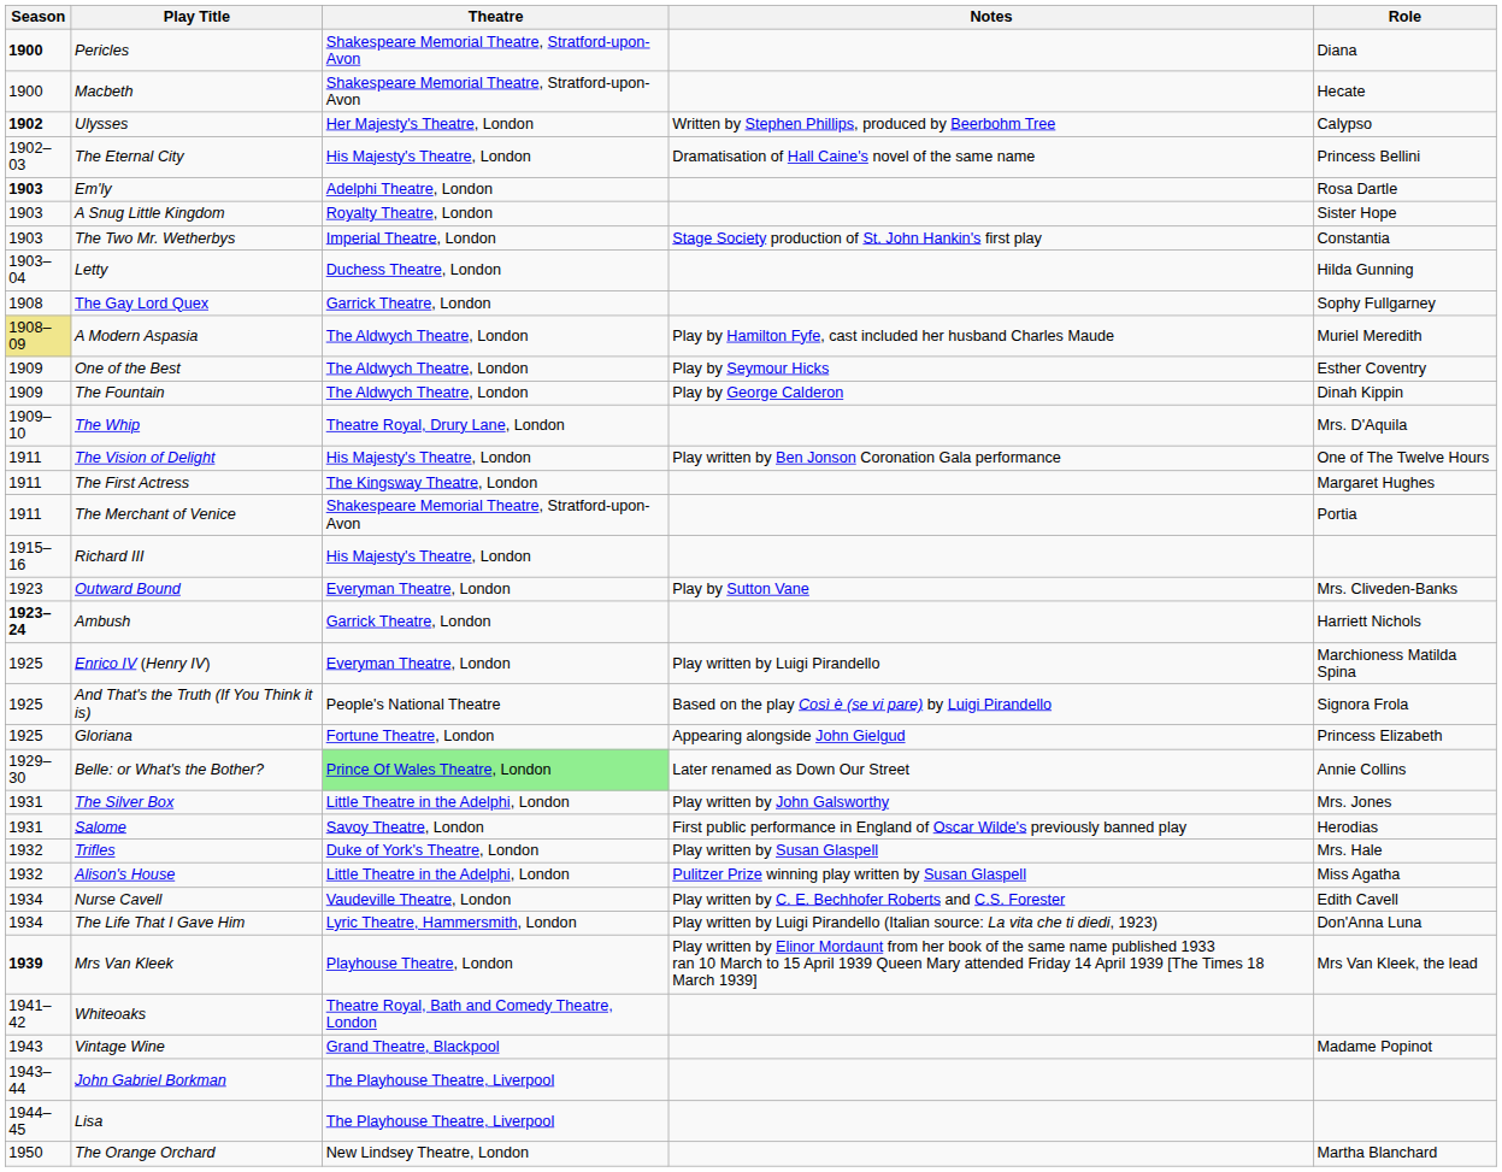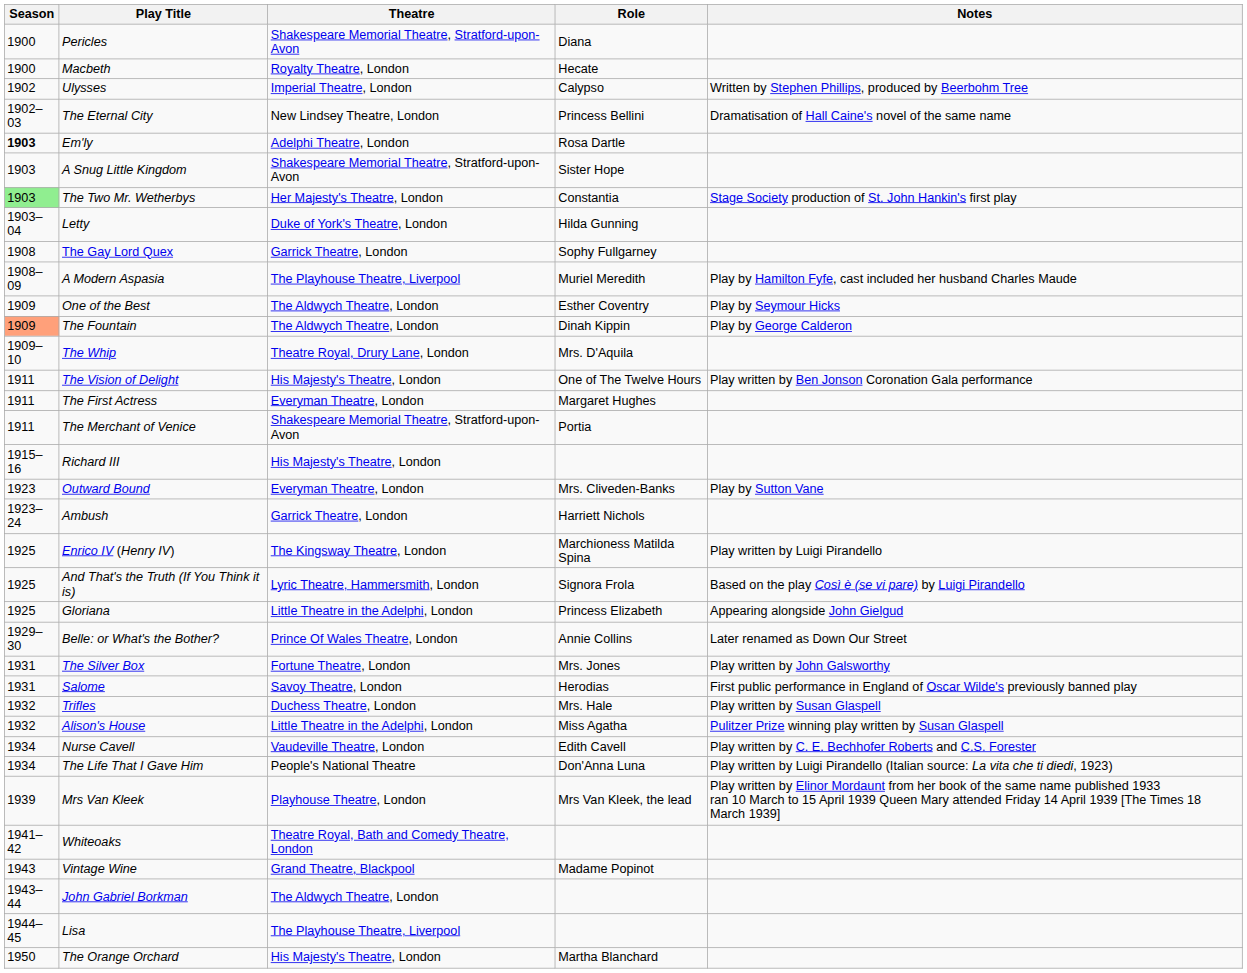 <table class="wikitable sortable">
 <tr>
 <th>Season</th>
 <th>Play Title</th>
 <th>Theatre</th>
+<th>Role</th>
 <th class="unsortable">Notes</th>
-<th>Role</th>
 </tr>
 <tr>
-<td><strong>1900</strong></td>
+<td>1900</td>
 <td><em>Pericles</em></td>
 <td><a href='#'>Shakespeare Memorial Theatre</a>, <a href='#'>Stratford-upon-Avon</a></td>
+<td>Diana</td>
 <td></td>
-<td>Diana</td>
 </tr>
 <tr>
 <td>1900</td>
 <td><em>Macbeth</em></td>
-<td><a href='#'>Shakespeare Memorial Theatre</a>, Stratford-upon-Avon</td>
+<td><a href='#'>Royalty Theatre</a>, London</td>
+<td>Hecate</td>
 <td></td>
-<td>Hecate</td>
 </tr>
 <tr>
-<td><strong>1902</strong></td>
+<td>1902</td>
 <td><em>Ulysses</em></td>
-<td><a href='#'>Her Majesty's Theatre</a>, London</td>
+<td><a href='#'>Imperial Theatre</a>, London</td>
+<td>Calypso</td>
 <td>Written by <a href='#'>Stephen Phillips</a>, produced by <a href='#'>Beerbohm Tree</a></td>
-<td>Calypso</td>
 </tr>
 <tr>
 <td>1902–03</td>
 <td><em>The Eternal City</em></td>
-<td><a href='#'>His Majesty's Theatre</a>, London</td>
+<td>New Lindsey Theatre, London</td>
+<td>Princess Bellini</td>
 <td>Dramatisation of <a href='#'>Hall Caine's</a> novel of the same name</td>
-<td>Princess Bellini</td>
 </tr>
 <tr>
 <td><strong>1903</strong></td>
 <td><em>Em'ly</em></td>
 <td><a href='#'>Adelphi Theatre</a>, London</td>
+<td>Rosa Dartle</td>
 <td></td>
-<td>Rosa Dartle</td>
 </tr>
 <tr>
 <td>1903</td>
 <td><em>A Snug Little Kingdom</em></td>
-<td><a href='#'>Royalty Theatre</a>, London</td>
+<td><a href='#'>Shakespeare Memorial Theatre</a>, Stratford-upon-Avon</td>
+<td>Sister Hope</td>
 <td></td>
-<td>Sister Hope</td>
 </tr>
 <tr>
-<td>1903</td>
+<td style="background: lightgreen;">1903</td>
 <td><em>The Two Mr. Wetherbys</em></td>
-<td><a href='#'>Imperial Theatre</a>, London</td>
+<td><a href='#'>Her Majesty's Theatre</a>, London</td>
+<td>Constantia</td>
 <td><a href='#'>Stage Society</a> production of <a href='#'>St. John Hankin's</a> first play</td>
-<td>Constantia</td>
 </tr>
 <tr>
 <td>1903–04</td>
 <td><em>Letty</em></td>
-<td><a href='#'>Duchess Theatre</a>, London</td>
+<td><a href='#'>Duke of York's Theatre</a>, London</td>
+<td>Hilda Gunning</td>
 <td></td>
-<td>Hilda Gunning</td>
 </tr>
 <tr>
 <td>1908</td>
 <td><a href='#'>The Gay Lord Quex</a></td>
 <td><a href='#'>Garrick Theatre</a>, London</td>
+<td>Sophy Fullgarney</td>
 <td></td>
-<td>Sophy Fullgarney</td>
 </tr>
 <tr>
-<td style="background: khaki;">1908–09</td>
+<td>1908–09</td>
 <td><em>A Modern Aspasia</em></td>
-<td><a href='#'>The Aldwych Theatre</a>, London</td>
+<td><a href='#'>The Playhouse Theatre, Liverpool</a></td>
+<td>Muriel Meredith</td>
 <td>Play by <a href='#'>Hamilton Fyfe</a>, cast included her husband Charles Maude</td>
-<td>Muriel Meredith</td>
 </tr>
 <tr>
 <td>1909</td>
 <td><em>One of the Best</em></td>
 <td><a href='#'>The Aldwych Theatre</a>, London</td>
+<td>Esther Coventry</td>
 <td>Play by <a href='#'>Seymour Hicks</a></td>
-<td>Esther Coventry</td>
 </tr>
 <tr>
-<td>1909</td>
+<td style="background: lightsalmon;">1909</td>
 <td><em>The Fountain</em></td>
 <td><a href='#'>The Aldwych Theatre</a>, London</td>
+<td>Dinah Kippin</td>
 <td>Play by <a href='#'>George Calderon</a></td>
-<td>Dinah Kippin</td>
 </tr>
 <tr>
 <td>1909–10</td>
 <td><em><a href='#'>The Whip</a></em></td>
 <td><a href='#'>Theatre Royal, Drury Lane</a>, London</td>
+<td>Mrs. D'Aquila</td>
 <td></td>
-<td>Mrs. D'Aquila</td>
 </tr>
 <tr>
 <td>1911</td>
 <td><em><a href='#'>The Vision of Delight</a></em></td>
 <td><a href='#'>His Majesty's Theatre</a>, London</td>
+<td>One of The Twelve Hours</td>
 <td>Play written by <a href='#'>Ben Jonson</a> Coronation Gala performance</td>
-<td>One of The Twelve Hours</td>
 </tr>
 <tr>
 <td>1911</td>
 <td><em>The First Actress</em></td>
-<td><a href='#'>The Kingsway Theatre</a>, London</td>
+<td><a href='#'>Everyman Theatre</a>, London</td>
+<td>Margaret Hughes</td>
 <td></td>
-<td>Margaret Hughes</td>
 </tr>
 <tr>
 <td>1911</td>
 <td><em>The Merchant of Venice</em></td>
 <td><a href='#'>Shakespeare Memorial Theatre</a>, Stratford-upon-Avon</td>
+<td>Portia</td>
 <td></td>
-<td>Portia</td>
 </tr>
 <tr>
 <td>1915–16</td>
 <td><em>Richard III</em></td>
 <td><a href='#'>His Majesty's Theatre</a>, London</td>
 <td></td>
 <td></td>
 </tr>
 <tr>
 <td>1923</td>
 <td><em><a href='#'>Outward Bound</a></em></td>
 <td><a href='#'>Everyman Theatre</a>, London</td>
+<td>Mrs. Cliveden-Banks</td>
 <td>Play by <a href='#'>Sutton Vane</a></td>
-<td>Mrs. Cliveden-Banks</td>
 </tr>
 <tr>
-<td><strong>1923–24</strong></td>
+<td>1923–24</td>
 <td><em>Ambush</em></td>
 <td><a href='#'>Garrick Theatre</a>, London</td>
+<td>Harriett Nichols</td>
 <td></td>
-<td>Harriett Nichols</td>
 </tr>
 <tr>
 <td>1925</td>
 <td><em><a href='#'>Enrico IV</a></em> (<em>Henry IV</em>)</td>
-<td><a href='#'>Everyman Theatre</a>, London</td>
+<td><a href='#'>The Kingsway Theatre</a>, London</td>
+<td>Marchioness Matilda Spina</td>
 <td>Play written by Luigi Pirandello</td>
-<td>Marchioness Matilda Spina</td>
 </tr>
 <tr>
 <td>1925</td>
 <td><em>And That's the Truth (If You Think it is)</em></td>
-<td>People's National Theatre</td>
+<td><a href='#'>Lyric Theatre, Hammersmith</a>, London</td>
+<td>Signora Frola</td>
 <td>Based on the play <em><a href='#'>Così è (se vi pare)</a></em> by <a href='#'>Luigi Pirandello</a></td>
-<td>Signora Frola</td>
 </tr>
 <tr>
 <td>1925</td>
 <td><em>Gloriana</em></td>
-<td><a href='#'>Fortune Theatre</a>, London</td>
+<td><a href='#'>Little Theatre in the Adelphi</a>, London</td>
+<td>Princess Elizabeth</td>
 <td>Appearing alongside <a href='#'>John Gielgud</a></td>
-<td>Princess Elizabeth</td>
 </tr>
 <tr>
 <td>1929–30</td>
 <td><em>Belle: or What's the Bother?</em></td>
-<td style="background: lightgreen;"><a href='#'>Prince Of Wales Theatre</a>, London</td>
+<td><a href='#'>Prince Of Wales Theatre</a>, London</td>
+<td>Annie Collins</td>
 <td>Later renamed as Down Our Street</td>
-<td>Annie Collins</td>
 </tr>
 <tr>
 <td>1931</td>
 <td><em><a href='#'>The Silver Box</a></em></td>
-<td><a href='#'>Little Theatre in the Adelphi</a>, London</td>
+<td><a href='#'>Fortune Theatre</a>, London</td>
+<td>Mrs. Jones</td>
 <td>Play written by <a href='#'>John Galsworthy</a></td>
-<td>Mrs. Jones</td>
 </tr>
 <tr>
 <td>1931</td>
 <td><em><a href='#'>Salome</a></em></td>
 <td><a href='#'>Savoy Theatre</a>, London</td>
+<td>Herodias</td>
 <td>First public performance in England of <a href='#'>Oscar Wilde's</a> previously banned play</td>
-<td>Herodias</td>
 </tr>
 <tr>
 <td>1932</td>
 <td><em><a href='#'>Trifles</a></em></td>
-<td><a href='#'>Duke of York's Theatre</a>, London</td>
+<td><a href='#'>Duchess Theatre</a>, London</td>
+<td>Mrs. Hale</td>
 <td>Play written by <a href='#'>Susan Glaspell</a></td>
-<td>Mrs. Hale</td>
 </tr>
 <tr>
 <td>1932</td>
 <td><em><a href='#'>Alison's House</a></em></td>
 <td><a href='#'>Little Theatre in the Adelphi</a>, London</td>
+<td>Miss Agatha</td>
 <td><a href='#'>Pulitzer Prize</a> winning play written by <a href='#'>Susan Glaspell</a></td>
-<td>Miss Agatha</td>
 </tr>
 <tr>
 <td>1934</td>
 <td><em>Nurse Cavell</em></td>
 <td><a href='#'>Vaudeville Theatre</a>, London</td>
+<td>Edith Cavell</td>
 <td>Play written by <a href='#'>C. E. Bechhofer Roberts</a> and <a href='#'>C.S. Forester</a></td>
-<td>Edith Cavell</td>
 </tr>
 <tr>
 <td>1934</td>
 <td><em>The Life That I Gave Him</em></td>
-<td><a href='#'>Lyric Theatre, Hammersmith</a>, London</td>
+<td>People's National Theatre</td>
+<td>Don'Anna Luna</td>
 <td>Play written by Luigi Pirandello (Italian source: <em>La vita che ti diedi</em>, 1923)</td>
-<td>Don'Anna Luna</td>
 </tr>
 <tr>
-<td><strong>1939</strong></td>
+<td>1939</td>
 <td><em>Mrs Van Kleek</em></td>
 <td><a href='#'>Playhouse Theatre</a>, London</td>
+<td>Mrs Van Kleek, the lead</td>
 <td>Play written by <a href='#'>Elinor Mordaunt</a> from her book of the same name published 1933<br>ran 10 March to 15 April 1939 Queen Mary attended Friday 14 April 1939 [The Times 18 March 1939]</td>
-<td>Mrs Van Kleek, the lead</td>
 </tr>
 <tr>
 <td>1941–42</td>
 <td><em>Whiteoaks</em></td>
 <td><a href='#'>Theatre Royal, Bath and Comedy Theatre, London</a></td>
 <td></td>
 <td></td>
 </tr>
 <tr>
 <td>1943</td>
 <td><em>Vintage Wine</em></td>
 <td><a href='#'>Grand Theatre, Blackpool</a></td>
+<td>Madame Popinot</td>
 <td></td>
-<td>Madame Popinot</td>
 </tr>
 <tr>
 <td>1943–44</td>
 <td><em><a href='#'>John Gabriel Borkman</a></em></td>
-<td><a href='#'>The Playhouse Theatre, Liverpool</a></td>
+<td><a href='#'>The Aldwych Theatre</a>, London</td>
 <td></td>
 <td></td>
 </tr>
 <tr>
 <td>1944–45</td>
 <td><em>Lisa</em></td>
 <td><a href='#'>The Playhouse Theatre, Liverpool</a></td>
 <td></td>
 <td></td>
 </tr>
 <tr>
 <td>1950</td>
 <td><em>The Orange Orchard</em></td>
-<td>New Lindsey Theatre, London</td>
+<td><a href='#'>His Majesty's Theatre</a>, London</td>
+<td>Martha Blanchard</td>
 <td></td>
-<td>Martha Blanchard</td>
 </tr>
 </table>
